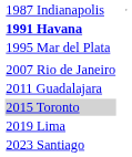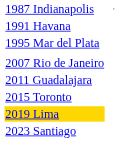 <table>
 <tr>
 <td><a href='#'>1987 Indianapolis</a></td>
 <td></td>
 <td></td>
 <td><hr></td>
 </tr>
 <tr>
-<td><strong><a href='#'>1991 Havana</a></strong></td>
+<td><a href='#'>1991 Havana</a></td>
 <td></td>
 <td></td>
 <td></td>
 </tr>
 <tr>
 <td><a href='#'>1995 Mar del Plata</a></td>
 <td></td>
 <td></td>
 <td></td>
 </tr>
 <tr>
 <td></td>
 <td></td>
 <td></td>
 <td></td>
 </tr>
 <tr>
 <td><a href='#'>2007 Rio de Janeiro</a></td>
 <td></td>
 <td></td>
 <td></td>
 </tr>
 <tr>
 <td><a href='#'>2011 Guadalajara</a></td>
 <td></td>
 <td></td>
 <td></td>
 </tr>
 <tr>
-<td style="background: lightgrey;"><a href='#'>2015 Toronto</a></td>
+<td><a href='#'>2015 Toronto</a></td>
 <td></td>
 <td></td>
 <td></td>
 </tr>
 <tr>
-<td><a href='#'>2019 Lima</a></td>
+<td style="background: gold;"><a href='#'>2019 Lima</a></td>
 <td></td>
 <td></td>
 <td></td>
 </tr>
 <tr>
 <td><a href='#'>2023 Santiago</a></td>
 <td></td>
 <td></td>
 <td></td>
 </tr>
 </table>
